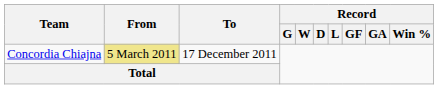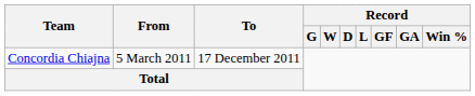 <table class="wikitable" style="text-align: center">
 <tr>
 <th rowspan=2>Team</th>
 <th rowspan=2>From</th>
 <th rowspan=2>To</th>
 <th colspan=7>Record</th>
 </tr>
 <tr>
 <th>G</th>
 <th>W</th>
 <th>D</th>
 <th>L</th>
 <th>GF</th>
 <th>GA</th>
 <th>Win %</th>
 </tr>
 <tr>
 <td align=left><a href='#'>Concordia Chiajna</a></td>
-<td align=left style="background: khaki;">5 March 2011</td>
+<td align=left>5 March 2011</td>
 <td align=left>17 December 2011<br></td>
 </tr>
 <tr>
 <th colspan="3">Total<br></th>
 </tr>
 </table>
